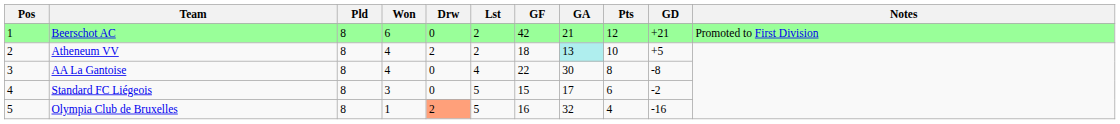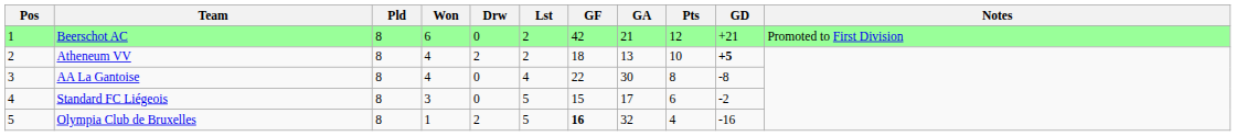 <table class="wikitable" width=70% style="font-size:90%">
 <tr>
 <th width=4%><strong>Pos</strong></th>
 <th width=26%><strong>Team</strong></th>
 <th width=4%><strong>Pld</strong></th>
 <th width=4%><strong>Won</strong></th>
 <th width=4%><strong>Drw</strong></th>
 <th width=4%><strong>Lst</strong></th>
 <th width=4%><strong>GF</strong></th>
 <th width=4%><strong>GA</strong></th>
 <th width=4%><strong>Pts</strong></th>
 <th width=4%><strong>GD</strong></th>
 <th width=38%><strong>Notes</strong></th>
 </tr>
 <tr bgcolor=#99ff99>
 <td>1</td>
 <td><a href='#'>Beerschot AC</a></td>
 <td>8</td>
 <td>6</td>
 <td>0</td>
 <td>2</td>
 <td>42</td>
 <td>21</td>
 <td>12</td>
 <td>+21</td>
 <td>Promoted to <a href='#'>First Division</a></td>
 </tr>
 <tr>
 <td>2</td>
 <td><a href='#'>Atheneum VV</a></td>
 <td>8</td>
 <td>4</td>
 <td>2</td>
 <td>2</td>
 <td>18</td>
-<td style="background: paleturquoise;">13</td>
+<td>13</td>
 <td>10</td>
-<td>+5</td>
+<td><strong>+5</strong></td>
 </tr>
 <tr>
 <td>3</td>
 <td><a href='#'>AA La Gantoise</a></td>
 <td>8</td>
 <td>4</td>
 <td>0</td>
 <td>4</td>
 <td>22</td>
 <td>30</td>
 <td>8</td>
 <td>-8</td>
 </tr>
 <tr>
 <td>4</td>
 <td><a href='#'>Standard FC Liégeois</a></td>
 <td>8</td>
 <td>3</td>
 <td>0</td>
 <td>5</td>
 <td>15</td>
 <td>17</td>
 <td>6</td>
 <td>-2</td>
 </tr>
 <tr>
 <td>5</td>
 <td><a href='#'>Olympia Club de Bruxelles</a></td>
 <td>8</td>
 <td>1</td>
-<td style="background: lightsalmon;">2</td>
+<td>2</td>
 <td>5</td>
-<td>16</td>
+<td><strong>16</strong></td>
 <td>32</td>
 <td>4</td>
 <td>-16</td>
 </tr>
 </table>
